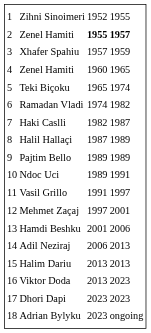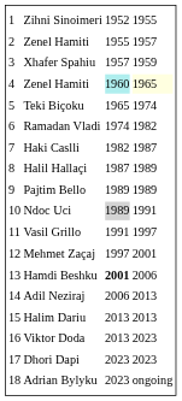 <table cellpadding="0" cellspacing="3" style="border:1px solid #000000; font-size:88%; line-height: 1.5em;">
 <tr>
 <td><strong></strong></td>
 <td><strong></strong></td>
 <td colspan="2"></td>
 </tr>
 <tr>
 <td>1</td>
 <td>Zihni Sinoimeri</td>
 <td>1952</td>
 <td>1955</td>
 </tr>
 <tr>
 <td>2</td>
 <td>Zenel Hamiti</td>
-<td><strong>1955</strong></td>
-<td><strong>1957</strong></td>
+<td>1955</td>
+<td>1957</td>
 </tr>
 <tr>
 <td>3</td>
 <td>Xhafer Spahiu</td>
 <td>1957</td>
 <td>1959</td>
 </tr>
 <tr>
 <td>4</td>
 <td>Zenel Hamiti</td>
-<td>1960</td>
-<td>1965</td>
+<td style="background: paleturquoise;">1960</td>
+<td style="background: lightyellow;">1965</td>
 </tr>
 <tr>
 <td>5</td>
 <td>Teki Biçoku</td>
 <td>1965</td>
 <td>1974</td>
 </tr>
 <tr>
 <td>6</td>
 <td>Ramadan Vladi</td>
 <td>1974</td>
 <td>1982</td>
 </tr>
 <tr>
 <td>7</td>
 <td>Haki Caslli</td>
 <td>1982</td>
 <td>1987</td>
 </tr>
 <tr>
 <td>8</td>
 <td>Halil Hallaçi</td>
 <td>1987</td>
 <td>1989</td>
 </tr>
 <tr>
 <td>9</td>
 <td>Pajtim Bello</td>
 <td>1989</td>
 <td>1989</td>
 </tr>
 <tr>
 <td>10</td>
 <td>Ndoc Uci</td>
-<td>1989</td>
+<td style="background: lightgrey;">1989</td>
 <td>1991</td>
 </tr>
 <tr>
 <td>11</td>
 <td>Vasil Grillo</td>
 <td>1991</td>
 <td>1997</td>
 </tr>
 <tr>
 <td>12</td>
 <td>Mehmet Zaçaj</td>
 <td>1997</td>
 <td>2001</td>
 </tr>
 <tr>
 <td>13</td>
 <td>Hamdi Beshku</td>
-<td>2001</td>
+<td><strong>2001</strong></td>
 <td>2006</td>
 </tr>
 <tr>
 <td>14</td>
 <td>Adil Neziraj</td>
 <td>2006</td>
 <td>2013</td>
 </tr>
 <tr>
 <td>15</td>
 <td>Halim Dariu</td>
 <td>2013</td>
 <td>2013</td>
 </tr>
 <tr>
 <td>16</td>
 <td>Viktor Doda</td>
 <td>2013</td>
 <td>2023</td>
 </tr>
 <tr>
 <td>17</td>
 <td>Dhori Dapi</td>
 <td>2023</td>
 <td>2023</td>
 </tr>
 <tr>
 <td>18</td>
 <td>Adrian Bylyku</td>
 <td>2023</td>
 <td>ongoing</td>
 </tr>
 <tr>
 </tr>
 </table>
